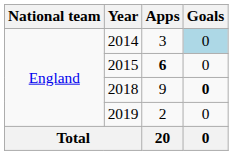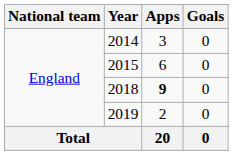 <table class="wikitable" style="text-align: center;">
 <tr>
 <th>National team</th>
 <th>Year</th>
 <th>Apps</th>
 <th>Goals</th>
 </tr>
 <tr>
 <td rowspan="4"><a href='#'>England</a></td>
 <td>2014</td>
 <td>3</td>
-<td style="background: lightblue;">0</td>
+<td>0</td>
 </tr>
 <tr>
 <td>2015</td>
-<td><strong>6</strong></td>
+<td>6</td>
 <td>0</td>
 </tr>
 <tr>
 <td>2018</td>
-<td>9</td>
-<td><strong>0</strong></td>
+<td><strong>9</strong></td>
+<td>0</td>
 </tr>
 <tr>
 <td>2019</td>
 <td>2</td>
 <td>0</td>
 </tr>
 <tr>
 <th colspan="2">Total</th>
 <th>20</th>
 <th>0</th>
 </tr>
 </table>
